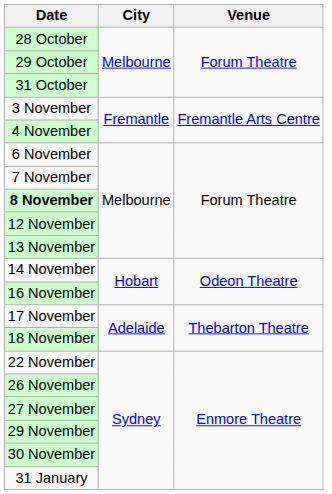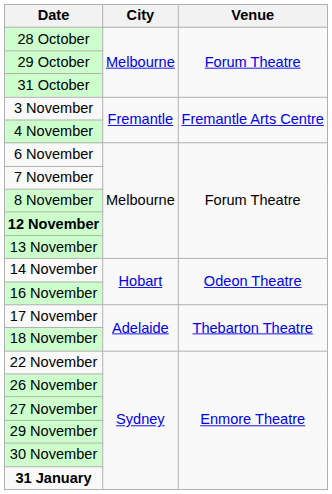 <table class="wikitable" style=text-align:center>
 <tr>
 <th>Date</th>
 <th>City</th>
 <th>Venue</th>
 </tr>
 <tr>
 <td style="background-color: #ccffcc">28 October</td>
 <td rowspan="3"><a href='#'>Melbourne</a></td>
 <td rowspan="3"><a href='#'>Forum Theatre</a></td>
 </tr>
 <tr>
 <td style="background-color: #ccffcc">29 October</td>
 </tr>
 <tr>
 <td style="background-color: #ccffcc">31 October</td>
 </tr>
 <tr>
 <td>3 November</td>
 <td rowspan="2"><a href='#'>Fremantle</a></td>
 <td rowspan="2"><a href='#'>Fremantle Arts Centre</a></td>
 </tr>
 <tr>
 <td style="background-color: #ccffcc">4 November</td>
 </tr>
 <tr>
 <td>6 November</td>
 <td rowspan="5">Melbourne</td>
 <td rowspan="5">Forum Theatre</td>
 </tr>
 <tr>
 <td>7 November</td>
 </tr>
 <tr>
-<td style="background-color: #ccffcc"><strong>8 November</strong></td>
+<td style="background-color: #ccffcc">8 November</td>
 </tr>
 <tr>
-<td style="background-color: #ccffcc">12 November</td>
+<td style="background-color: #ccffcc"><strong>12 November</strong></td>
 </tr>
 <tr>
 <td style="background-color: #ccffcc">13 November</td>
 </tr>
 <tr>
 <td>14 November</td>
 <td rowspan="2"><a href='#'>Hobart</a></td>
 <td rowspan="2"><a href='#'>Odeon Theatre</a></td>
 </tr>
 <tr>
 <td style="background-color: #ccffcc">16 November</td>
 </tr>
 <tr>
 <td>17 November</td>
 <td rowspan="2"><a href='#'>Adelaide</a></td>
 <td rowspan="2"><a href='#'>Thebarton Theatre</a></td>
 </tr>
 <tr>
 <td style="background-color: #ccffcc">18 November</td>
 </tr>
 <tr>
 <td>22 November</td>
 <td rowspan="6"><a href='#'>Sydney</a></td>
 <td rowspan="6"><a href='#'>Enmore Theatre</a></td>
 </tr>
 <tr>
 <td style="background-color: #ccffcc">26 November</td>
 </tr>
 <tr>
 <td style="background-color: #ccffcc">27 November</td>
 </tr>
 <tr>
 <td style="background-color: #ccffcc">29 November</td>
 </tr>
 <tr>
 <td style="background-color: #ccffcc">30 November</td>
 </tr>
 <tr>
-<td>31 January</td>
+<td><strong>31 January</strong></td>
 </tr>
 </table>
